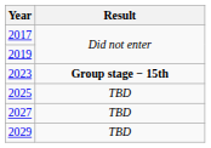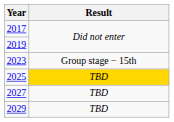 <table class="wikitable" style="text-align: center; font-size:90%">
 <tr>
 <th>Year</th>
 <th style="width:200px">Result</th>
 </tr>
 <tr>
 <td> <a href='#'>2017</a></td>
 <td rowspan="2"><em>Did not enter</em></td>
 </tr>
 <tr>
 <td> <a href='#'>2019</a></td>
 </tr>
 <tr>
 <td> <a href='#'>2023</a></td>
-<td><strong>Group stage − 15th</strong></td>
+<td>Group stage − 15th</td>
 </tr>
 <tr>
 <td> <a href='#'>2025</a></td>
-<td><em>TBD</em></td>
+<td style="background: gold;"><em>TBD</em></td>
 </tr>
 <tr>
 <td> <a href='#'>2027</a></td>
 <td><em>TBD</em></td>
 </tr>
 <tr>
 <td> <a href='#'>2029</a></td>
 <td><em>TBD</em></td>
 </tr>
 </table>
